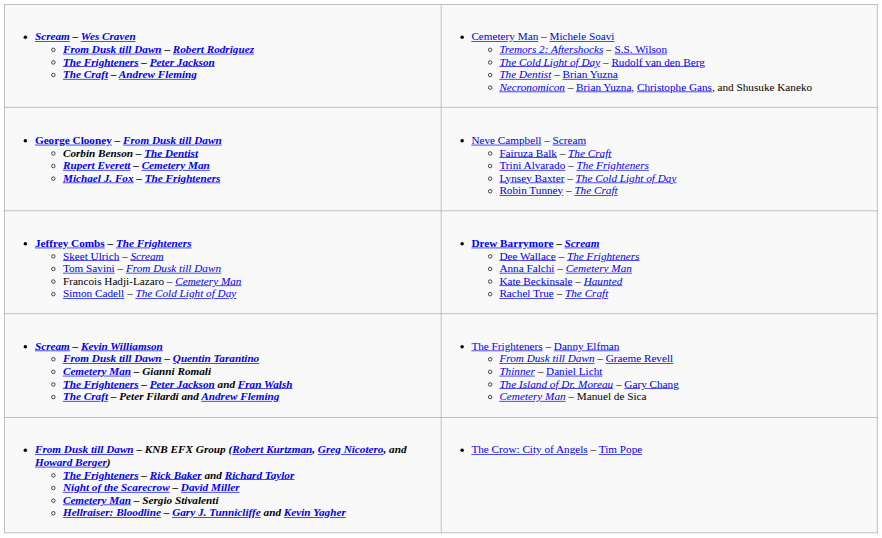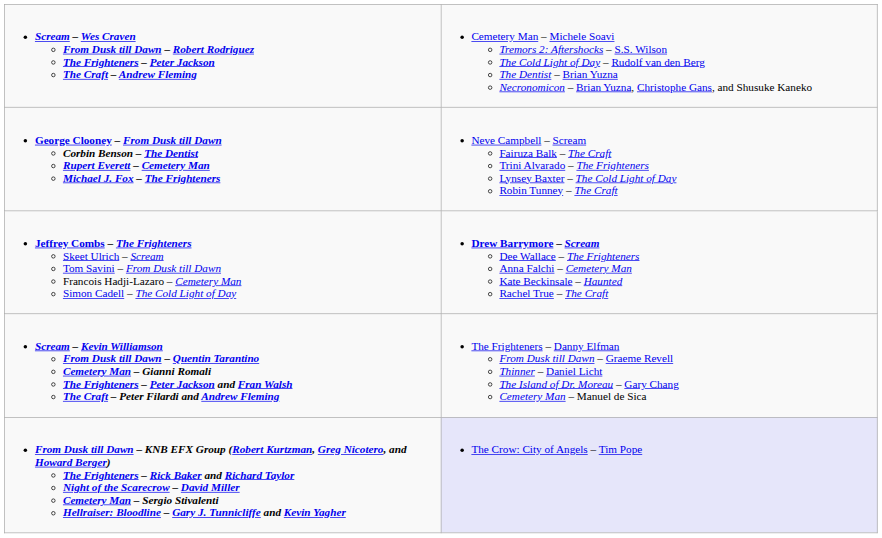 <table class="wikitable">
 <tr>
 <td valign="top" width="50%"><br><ul><li><strong><em><a href='#'>Scream</a><em> – <a href='#'>Wes Craven</a> <strong><ul><li></em><a href='#'>From Dusk till Dawn</a><em> – <a href='#'>Robert Rodriguez</a></li><li></em><a href='#'>The Frighteners</a><em> – <a href='#'>Peter Jackson</a></li><li></em><a href='#'>The Craft</a><em> – <a href='#'>Andrew Fleming</a></li></ul></li></ul></td>
 <td valign="top" width="50%"><br><ul><li></em></strong><a href='#'>Cemetery Man</a></em> – <a href='#'>Michele Soavi</a></strong><ul><li><em><a href='#'>Tremors 2: Aftershocks</a></em> – <a href='#'>S.S. Wilson</a></li><li><em><a href='#'>The Cold Light of Day</a></em> – <a href='#'>Rudolf van den Berg</a></li><li><em><a href='#'>The Dentist</a></em> – <a href='#'>Brian Yuzna</a></li><li><em><a href='#'>Necronomicon</a></em> – <a href='#'>Brian Yuzna</a>, <a href='#'>Christophe Gans</a>, and Shusuke Kaneko</li></ul></li></ul></td>
 </tr>
 <tr>
 <td valign="top"><br><ul><li><strong><a href='#'>George Clooney</a> – <em><a href='#'>From Dusk till Dawn</a><strong><em><ul><li>Corbin Benson – </em><a href='#'>The Dentist</a><em></li><li><a href='#'>Rupert Everett</a> – </em><a href='#'>Cemetery Man</a><em></li><li><a href='#'>Michael J. Fox</a> – </em><a href='#'>The Frighteners</a><em></li></ul></li></ul></td>
 <td valign="top"><br><ul><li></strong><a href='#'>Neve Campbell</a> – </em><a href='#'>Scream</a></em></strong><ul><li><a href='#'>Fairuza Balk</a> – <em><a href='#'>The Craft</a></em></li><li><a href='#'>Trini Alvarado</a> – <em><a href='#'>The Frighteners</a></em></li><li><a href='#'>Lynsey Baxter</a> – <em><a href='#'>The Cold Light of Day</a></em></li><li><a href='#'>Robin Tunney</a> – <em><a href='#'>The Craft</a></em></li></ul></li></ul></td>
 </tr>
 <tr>
 <td valign="top"><br><ul><li><strong><a href='#'>Jeffrey Combs</a> – <em><a href='#'>The Frighteners</a></em> </strong><ul><li><a href='#'>Skeet Ulrich</a> – <em><a href='#'>Scream</a></em></li><li><a href='#'>Tom Savini</a> – <em><a href='#'>From Dusk till Dawn</a></em></li><li>Francois Hadji-Lazaro – <em><a href='#'>Cemetery Man</a></em></li><li><a href='#'>Simon Cadell</a> – <em><a href='#'>The Cold Light of Day</a></em></li></ul></li></ul></td>
 <td valign="top"><br><ul><li><strong><a href='#'>Drew Barrymore</a> – <em><a href='#'>Scream</a></em> </strong><ul><li><a href='#'>Dee Wallace</a> – <em><a href='#'>The Frighteners</a></em></li><li><a href='#'>Anna Falchi</a> – <em><a href='#'>Cemetery Man</a></em></li><li><a href='#'>Kate Beckinsale</a> – <em><a href='#'>Haunted</a></em></li><li><a href='#'>Rachel True</a> – <em><a href='#'>The Craft</a></em></li></ul></li></ul></td>
 </tr>
 <tr>
 <td valign="top"><br><ul><li><strong><em><a href='#'>Scream</a><em> – <a href='#'>Kevin Williamson</a><strong><ul><li></em><a href='#'>From Dusk till Dawn</a><em> – <a href='#'>Quentin Tarantino</a></li><li></em><a href='#'>Cemetery Man</a><em> – Gianni Romali</li><li></em><a href='#'>The Frighteners</a><em> – <a href='#'>Peter Jackson</a> and <a href='#'>Fran Walsh</a></li><li></em><a href='#'>The Craft</a><em> – Peter Filardi and <a href='#'>Andrew Fleming</a></li></ul></li></ul></td>
 <td valign="top"><br><ul><li></em></strong><a href='#'>The Frighteners</a></em> – <a href='#'>Danny Elfman</a></strong><ul><li><em><a href='#'>From Dusk till Dawn</a></em> – <a href='#'>Graeme Revell</a></li><li><em><a href='#'>Thinner</a></em> – <a href='#'>Daniel Licht</a></li><li><em><a href='#'>The Island of Dr. Moreau</a></em> – <a href='#'>Gary Chang</a></li><li><em><a href='#'>Cemetery Man</a></em> – Manuel de Sica</li></ul></li></ul></td>
 </tr>
 <tr>
 <td valign="top"><br><ul><li><strong><em><a href='#'>From Dusk till Dawn</a><em> – KNB EFX Group (<a href='#'>Robert Kurtzman</a>, <a href='#'>Greg Nicotero</a>, and <a href='#'>Howard Berger</a>)<strong><ul><li></em><a href='#'>The Frighteners</a><em> – <a href='#'>Rick Baker</a> and <a href='#'>Richard Taylor</a></li><li></em><a href='#'>Night of the Scarecrow</a><em> – <a href='#'>David Miller</a></li><li></em><a href='#'>Cemetery Man</a><em> – Sergio Stivalenti</li><li></em><a href='#'>Hellraiser: Bloodline</a><em> – <a href='#'>Gary J. Tunnicliffe</a> and <a href='#'>Kevin Yagher</a></li></ul></li></ul></td>
-<td valign="top"><br><ul><li></em></strong><a href='#'>The Crow: City of Angels</a></em> – <a href='#'>Tim Pope</a></strong></li></ul></td>
+<td valign="top" style="background: lavender;"><br><ul><li></em></strong><a href='#'>The Crow: City of Angels</a></em> – <a href='#'>Tim Pope</a></strong></li></ul></td>
 </tr>
 </table>
